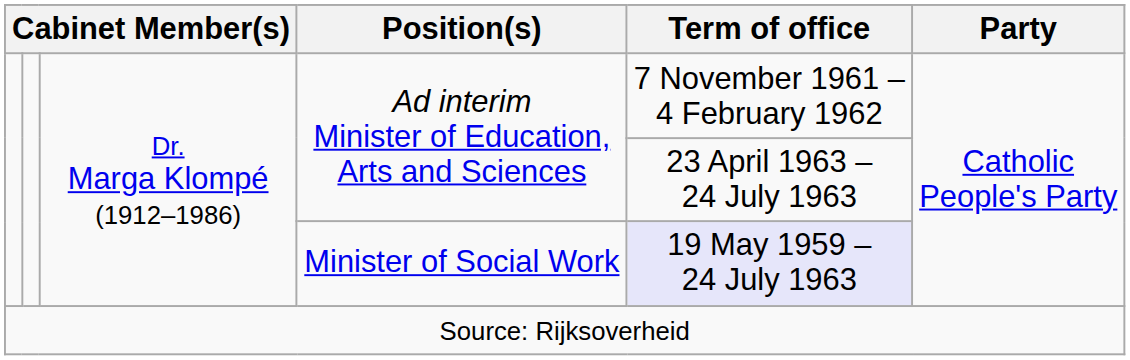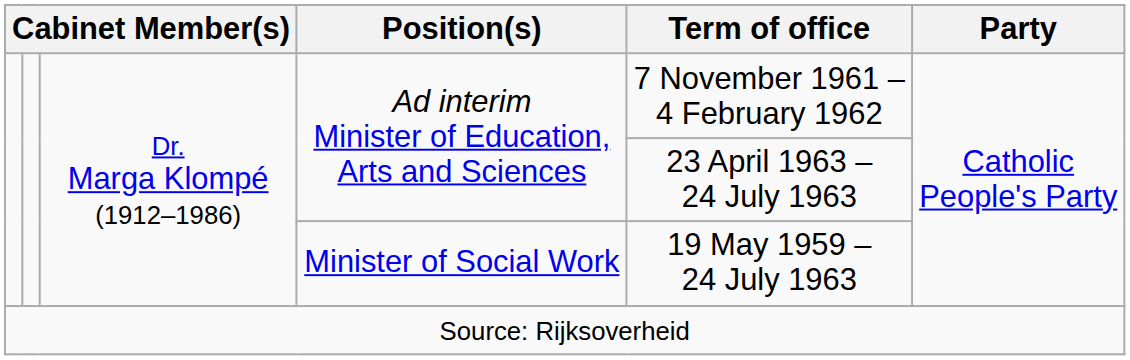 <table class="wikitable" style="text-align:center">
 <tr>
 <th colspan=3>Cabinet Member(s)</th>
 <th>Position(s)</th>
 <th>Term of office</th>
 <th>Party</th>
 </tr>
 <tr>
 <td rowspan=3 style="background:"></td>
 <td rowspan=3></td>
 <td rowspan=3><small><a href='#'>Dr.</a></small> <br> <a href='#'>Marga Klompé</a> <br> <small>(1912–1986)</small></td>
 <td rowspan=2><em>Ad interim</em> <br> <a href='#'>Minister of Education, <br> Arts and Sciences</a></td>
 <td>7 November 1961 – <br> 4 February 1962</td>
 <td rowspan=3><a href='#'>Catholic <br> People's Party</a></td>
 </tr>
 <tr>
 <td>23 April 1963 – <br> 24 July 1963</td>
 </tr>
 <tr>
 <td><a href='#'>Minister of Social Work</a></td>
-<td style="background: lavender;">19 May 1959 – <br> 24 July 1963</td>
+<td>19 May 1959 – <br> 24 July 1963</td>
 </tr>
 <tr>
 <td colspan=7><small>Source:   Rijksoverheid</small></td>
 </tr>
 </table>
